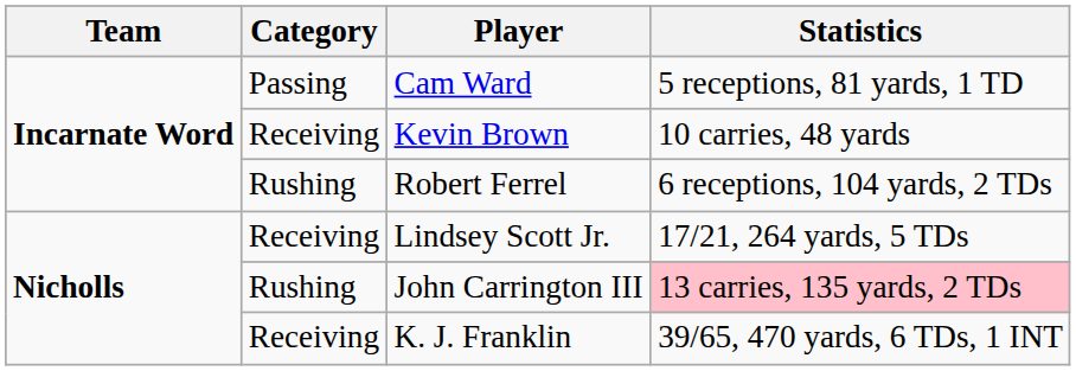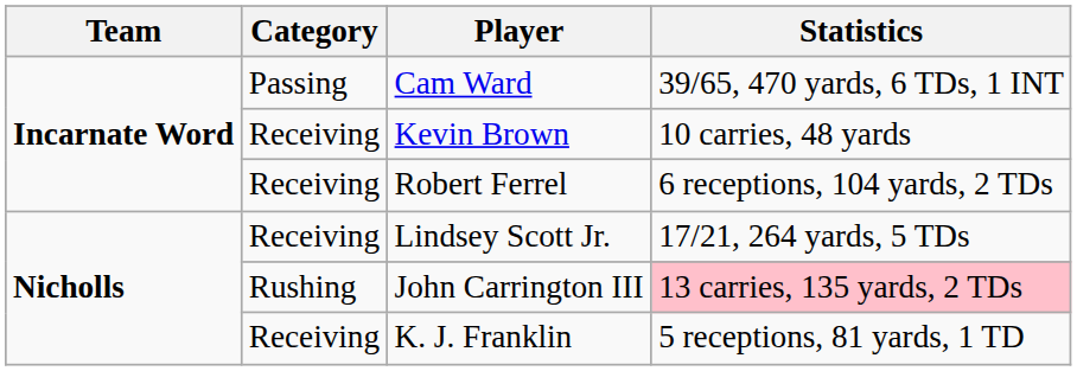 <table class="wikitable" style="float: left;">
 <tr>
 <th>Team</th>
 <th>Category</th>
 <th>Player</th>
 <th>Statistics</th>
 </tr>
 <tr>
 <td rowspan=3><strong>Incarnate Word</strong></td>
 <td>Passing</td>
 <td><a href='#'>Cam Ward</a></td>
-<td>5 receptions, 81 yards, 1 TD</td>
+<td>39/65, 470 yards, 6 TDs, 1 INT</td>
 </tr>
 <tr>
 <td>Receiving</td>
 <td><a href='#'>Kevin Brown</a></td>
 <td>10 carries, 48 yards</td>
 </tr>
 <tr>
-<td>Rushing</td>
+<td>Receiving</td>
 <td>Robert Ferrel</td>
 <td>6 receptions, 104 yards, 2 TDs</td>
 </tr>
 <tr>
 <td rowspan=3><strong>Nicholls</strong></td>
 <td>Receiving</td>
 <td>Lindsey Scott Jr.</td>
 <td>17/21, 264 yards, 5 TDs</td>
 </tr>
 <tr>
 <td>Rushing</td>
 <td>John Carrington III</td>
 <td style="background: pink;">13 carries, 135 yards, 2 TDs</td>
 </tr>
 <tr>
 <td>Receiving</td>
 <td>K. J. Franklin</td>
-<td>39/65, 470 yards, 6 TDs, 1 INT</td>
+<td>5 receptions, 81 yards, 1 TD</td>
 </tr>
 </table>
